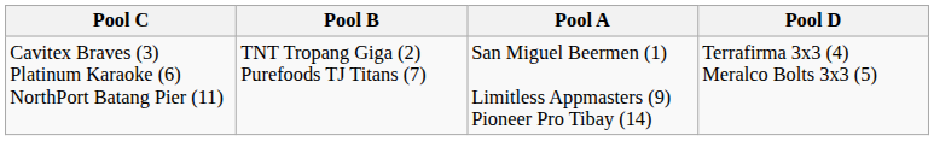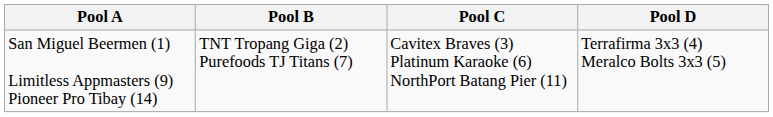 <table class=wikitable width=750>
 <tr>
+<th width=25%>Pool A</th>
+<th width=25%>Pool B</th>
 <th width=25%>Pool C</th>
-<th width=25%>Pool B</th>
-<th width=25%>Pool A</th>
 <th width=25%>Pool D</th>
 </tr>
 <tr valign=top>
+<td>San Miguel Beermen (1) <br>  <br> Limitless Appmasters (9) <br> Pioneer Pro Tibay (14)</td>
+<td>TNT Tropang Giga (2) <br> Purefoods TJ Titans (7) <br> </td>
 <td>Cavitex Braves (3) <br> Platinum Karaoke (6) <br> NorthPort Batang Pier (11) <br> </td>
-<td>TNT Tropang Giga (2) <br> Purefoods TJ Titans (7) <br> </td>
-<td>San Miguel Beermen (1) <br>  <br> Limitless Appmasters (9) <br> Pioneer Pro Tibay (14)</td>
 <td>Terrafirma 3x3 (4) <br> Meralco Bolts 3x3 (5) <br> </td>
 </tr>
 </table>
